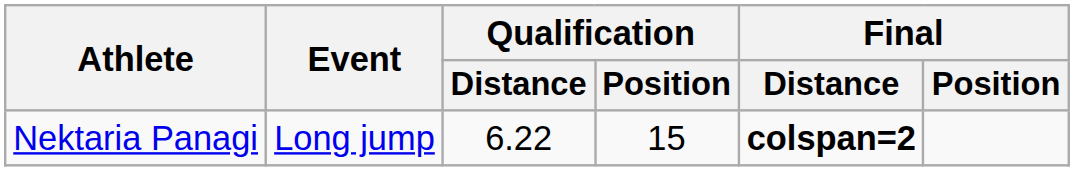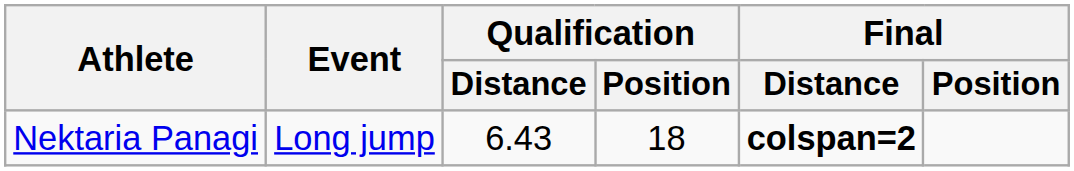 <table class=wikitable style=font-size:90%>
 <tr>
 <th rowspan=2>Athlete</th>
 <th rowspan=2>Event</th>
 <th colspan=2>Qualification</th>
 <th colspan=2>Final</th>
 </tr>
 <tr style=font-size:95%>
 <th>Distance</th>
 <th>Position</th>
 <th>Distance</th>
 <th>Position</th>
 </tr>
 <tr align=center>
 <td align=left><a href='#'>Nektaria Panagi</a></td>
 <td align=left><a href='#'>Long jump</a></td>
-<td>6.22</td>
-<td>15</td>
+<td>6.43</td>
+<td>18</td>
 <td><strong>colspan=2 </strong></td>
 </tr>
 </table>
